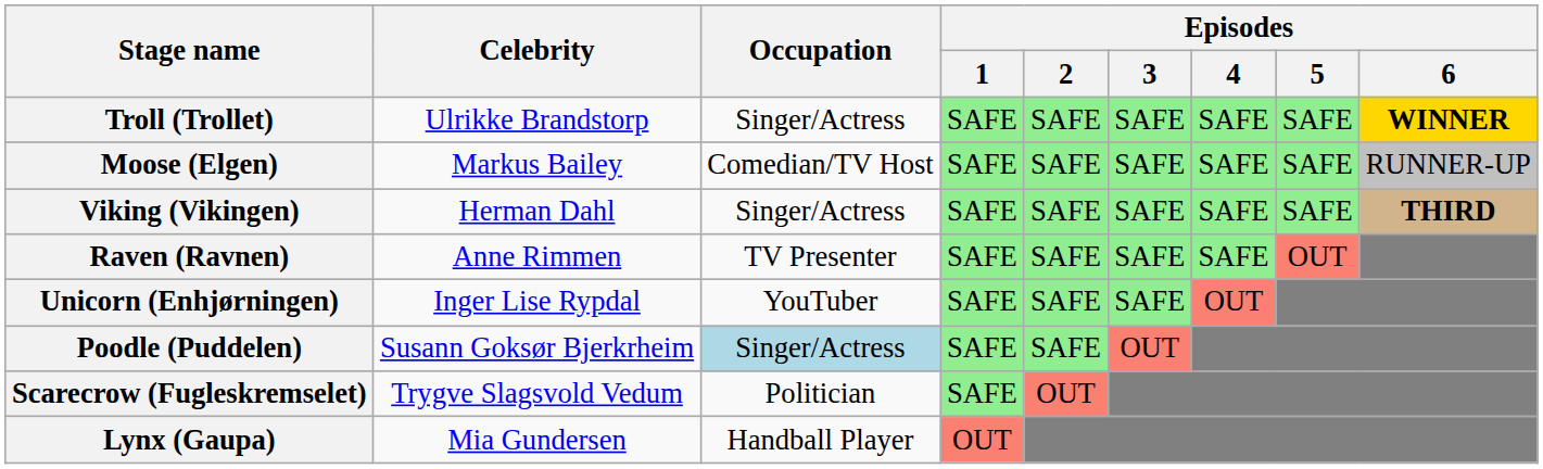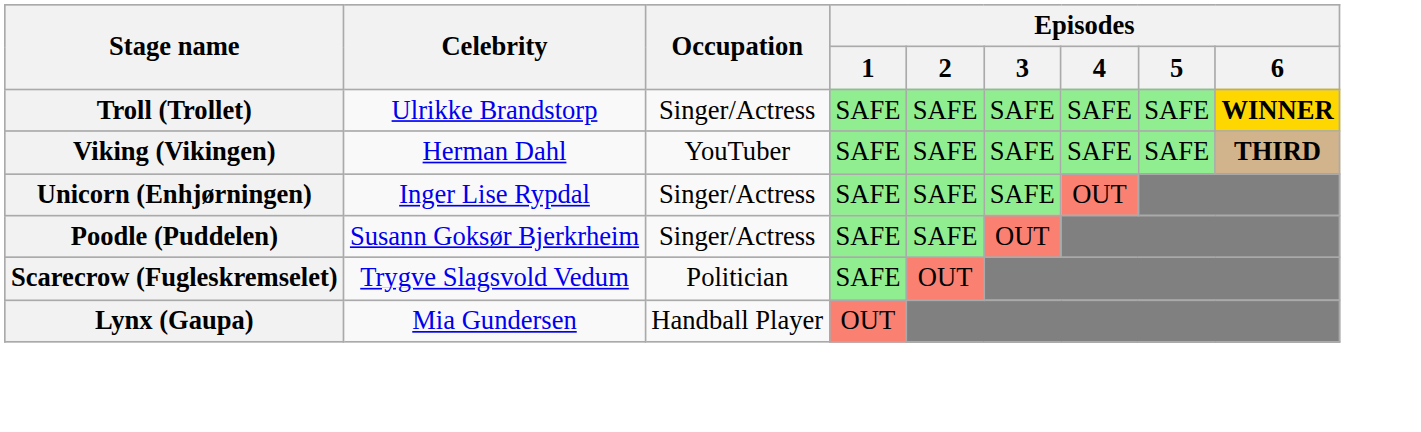 <table class="wikitable" style="text-align:center; ">
 <tr>
 <th rowspan=2>Stage name</th>
 <th rowspan=2>Celebrity</th>
 <th rowspan=2>Occupation</th>
 <th colspan="6">Episodes</th>
 </tr>
 <tr>
 <th rowspan="1">1</th>
 <th rowspan="1">2</th>
 <th rowspan="1">3</th>
 <th rowspan="1">4</th>
 <th rowspan="1">5</th>
 <th rowspan="1">6</th>
 </tr>
 <tr>
 <th>Troll (Trollet)</th>
 <td><a href='#'>Ulrikke Brandstorp</a></td>
 <td>Singer/Actress</td>
 <td bgcolor="lightgreen">SAFE</td>
 <td bgcolor="lightgreen">SAFE</td>
 <td bgcolor="lightgreen">SAFE</td>
 <td bgcolor="lightgreen">SAFE</td>
 <td bgcolor="lightgreen">SAFE</td>
 <td bgcolor=gold><strong>WINNER</strong></td>
 </tr>
 <tr>
-<th>Moose (Elgen)</th>
-<td><a href='#'>Markus Bailey</a></td>
-<td>Comedian/TV Host</td>
-<td bgcolor="lightgreen">SAFE</td>
-<td bgcolor="lightgreen">SAFE</td>
-<td bgcolor="lightgreen">SAFE</td>
-<td bgcolor="lightgreen">SAFE</td>
-<td bgcolor="lightgreen">SAFE</td>
-<td bgcolor=silver>RUNNER-UP</td>
-</tr>
-<tr>
 <th>Viking (Vikingen)</th>
 <td><a href='#'>Herman Dahl</a></td>
-<td>Singer/Actress</td>
+<td>YouTuber</td>
 <td bgcolor="lightgreen">SAFE</td>
 <td bgcolor="lightgreen">SAFE</td>
 <td bgcolor="lightgreen">SAFE</td>
 <td bgcolor="lightgreen">SAFE</td>
 <td bgcolor="lightgreen">SAFE</td>
 <td bgcolor=tan><strong>THIRD</strong></td>
 </tr>
 <tr>
-<th>Raven (Ravnen)</th>
-<td><a href='#'>Anne Rimmen</a></td>
-<td>TV Presenter</td>
-<td bgcolor="lightgreen">SAFE</td>
-<td bgcolor="lightgreen">SAFE</td>
-<td bgcolor="lightgreen">SAFE</td>
-<td bgcolor="lightgreen">SAFE</td>
-<td bgcolor=salmon>OUT</td>
-<td bgcolor=grey></td>
-</tr>
-<tr>
 <th>Unicorn (Enhjørningen)</th>
 <td><a href='#'>Inger Lise Rypdal</a></td>
-<td>YouTuber</td>
+<td>Singer/Actress</td>
 <td bgcolor="lightgreen">SAFE</td>
 <td bgcolor="lightgreen">SAFE</td>
 <td bgcolor="lightgreen">SAFE</td>
 <td bgcolor=salmon>OUT</td>
 <td bgcolor=grey colspan="2"></td>
 </tr>
 <tr>
 <th>Poodle (Puddelen)</th>
 <td><a href='#'>Susann Goksør Bjerkrheim</a></td>
-<td style="background: lightblue;">Singer/Actress</td>
+<td>Singer/Actress</td>
 <td bgcolor="lightgreen">SAFE</td>
 <td bgcolor="lightgreen">SAFE</td>
 <td bgcolor=salmon>OUT</td>
 <td bgcolor=grey colspan="3"></td>
 </tr>
 <tr>
 <th>Scarecrow (Fugleskremselet)</th>
 <td><a href='#'>Trygve Slagsvold Vedum</a></td>
 <td>Politician</td>
 <td bgcolor="lightgreen">SAFE</td>
 <td bgcolor=salmon>OUT</td>
 <td bgcolor=grey colspan="4"></td>
 </tr>
 <tr>
 <th>Lynx (Gaupa)</th>
 <td><a href='#'>Mia Gundersen</a></td>
 <td>Handball Player</td>
 <td bgcolor=salmon>OUT</td>
 <td bgcolor=grey colspan="5"></td>
 </tr>
 </table>
